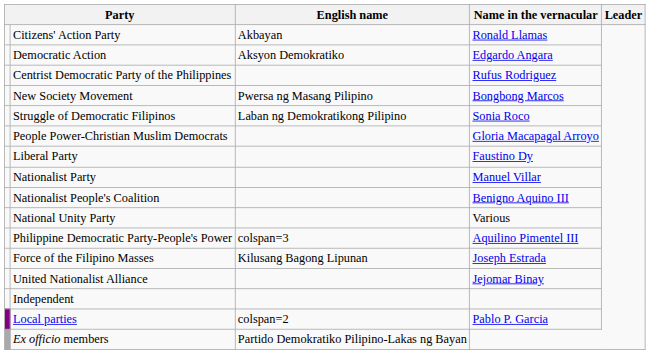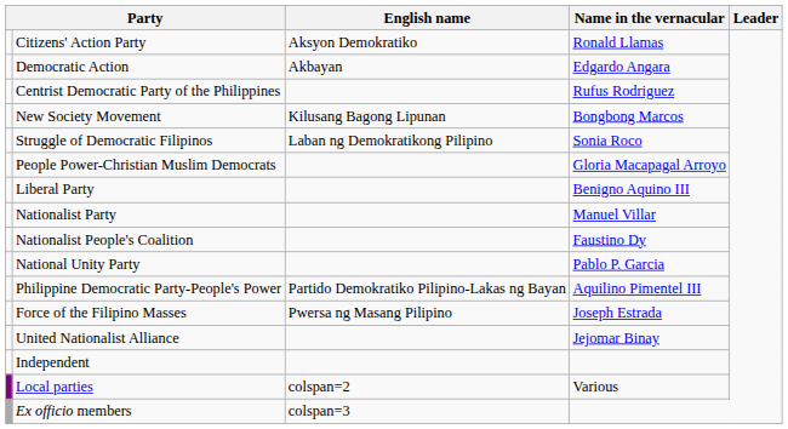 <table class=wikitable style="font-size:95%">
 <tr>
 <th colspan=2>Party</th>
 <th>English name</th>
 <th>Name in the vernacular</th>
 <th>Leader</th>
 </tr>
 <tr>
 <td></td>
 <td>Citizens' Action Party</td>
-<td>Akbayan</td>
+<td>Aksyon Demokratiko</td>
 <td><a href='#'>Ronald Llamas</a></td>
 </tr>
 <tr>
 <td></td>
 <td>Democratic Action</td>
-<td>Aksyon Demokratiko</td>
+<td>Akbayan</td>
 <td><a href='#'>Edgardo Angara</a></td>
 </tr>
 <tr>
 <td></td>
 <td>Centrist Democratic Party of the Philippines</td>
 <td></td>
 <td><a href='#'>Rufus Rodriguez</a></td>
 </tr>
 <tr>
 <td></td>
 <td>New Society Movement</td>
-<td>Pwersa ng Masang Pilipino</td>
+<td>Kilusang Bagong Lipunan</td>
 <td><a href='#'>Bongbong Marcos</a></td>
 </tr>
 <tr>
 <td></td>
 <td>Struggle of Democratic Filipinos</td>
 <td>Laban ng Demokratikong Pilipino</td>
 <td><a href='#'>Sonia Roco</a></td>
 </tr>
 <tr>
 <td></td>
 <td>People Power-Christian Muslim Democrats</td>
 <td></td>
 <td><a href='#'>Gloria Macapagal Arroyo</a></td>
 </tr>
 <tr>
 <td></td>
 <td>Liberal Party</td>
 <td></td>
-<td><a href='#'>Faustino Dy</a></td>
+<td><a href='#'>Benigno Aquino III</a></td>
 </tr>
 <tr>
 <td></td>
 <td>Nationalist Party</td>
 <td></td>
 <td><a href='#'>Manuel Villar</a></td>
 </tr>
 <tr>
 <td></td>
 <td>Nationalist People's Coalition</td>
 <td></td>
-<td><a href='#'>Benigno Aquino III</a></td>
+<td><a href='#'>Faustino Dy</a></td>
 </tr>
 <tr>
 <td></td>
 <td>National Unity Party</td>
 <td></td>
-<td>Various</td>
+<td><a href='#'>Pablo P. Garcia</a></td>
 </tr>
 <tr>
 <td></td>
 <td>Philippine Democratic Party-People's Power</td>
-<td>colspan=3 </td>
+<td>Partido Demokratiko Pilipino-Lakas ng Bayan</td>
 <td><a href='#'>Aquilino Pimentel III</a></td>
 </tr>
 <tr>
 <td></td>
 <td>Force of the Filipino Masses</td>
-<td>Kilusang Bagong Lipunan</td>
+<td>Pwersa ng Masang Pilipino</td>
 <td><a href='#'>Joseph Estrada</a></td>
 </tr>
 <tr>
 <td></td>
 <td>United Nationalist Alliance</td>
 <td></td>
 <td><a href='#'>Jejomar Binay</a></td>
 </tr>
 <tr>
 <td></td>
 <td>Independent</td>
 <td></td>
 <td></td>
 </tr>
 <tr>
 <td bgcolor=purple></td>
 <td><a href='#'>Local parties</a></td>
 <td>colspan=2 </td>
-<td><a href='#'>Pablo P. Garcia</a></td>
+<td>Various</td>
 </tr>
 <tr>
 <td bgcolor=darkgray></td>
 <td><em>Ex officio</em> members</td>
-<td>Partido Demokratiko Pilipino-Lakas ng Bayan</td>
+<td>colspan=3 </td>
 </tr>
 </table>
